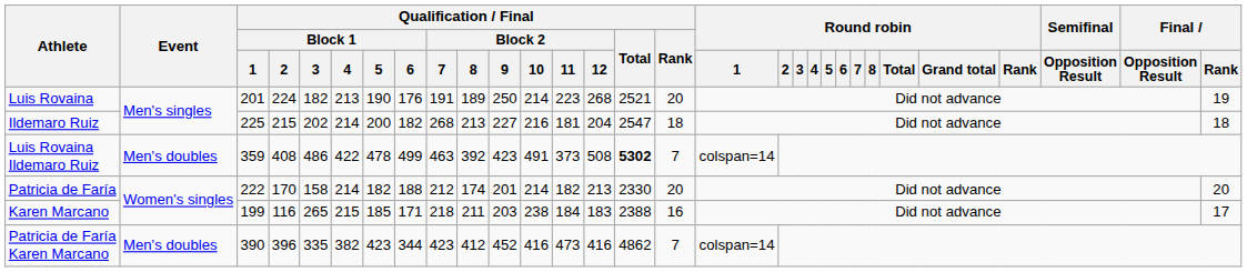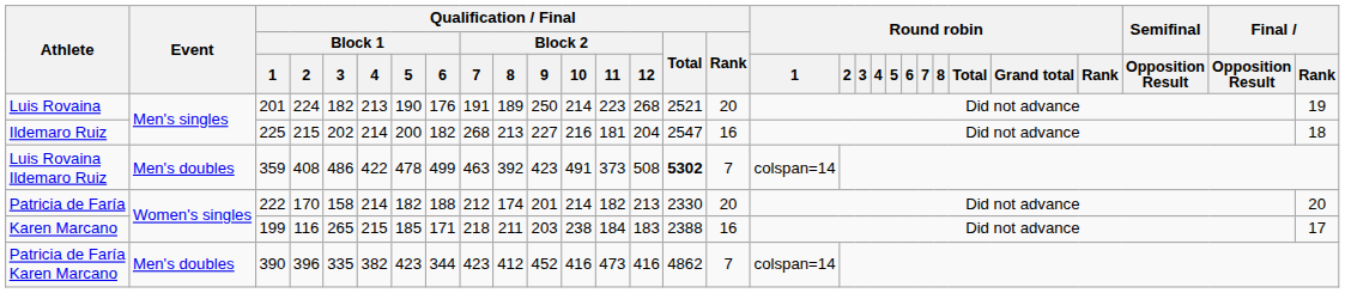 <table class=wikitable style=font-size:75%;text-align:center>
 <tr>
 <th rowspan=3>Athlete</th>
 <th rowspan=3>Event</th>
 <th colspan=14>Qualification / Final</th>
 <th colspan=11 rowspan=2>Round robin</th>
 <th rowspan=2>Semifinal</th>
 <th rowspan=2 colspan=2>Final / </th>
 </tr>
 <tr style=font-size:95%>
 <th colspan=6>Block 1</th>
 <th colspan=6>Block 2</th>
 <th rowspan=2>Total</th>
 <th rowspan=2>Rank</th>
 </tr>
 <tr style=font-size:95%>
 <th>1</th>
 <th>2</th>
 <th>3</th>
 <th>4</th>
 <th>5</th>
 <th>6</th>
 <th>7</th>
 <th>8</th>
 <th>9</th>
 <th>10</th>
 <th>11</th>
 <th>12</th>
 <th>1</th>
 <th>2</th>
 <th>3</th>
 <th>4</th>
 <th>5</th>
 <th>6</th>
 <th>7</th>
 <th>8</th>
 <th>Total</th>
 <th>Grand total</th>
 <th>Rank</th>
 <th>Opposition<br>Result</th>
 <th>Opposition<br>Result</th>
 <th>Rank</th>
 </tr>
 <tr>
 <td align=left><a href='#'>Luis Rovaina</a></td>
 <td align=left rowspan=2><a href='#'>Men's singles</a></td>
 <td>201</td>
 <td>224</td>
 <td>182</td>
 <td>213</td>
 <td>190</td>
 <td>176</td>
 <td>191</td>
 <td>189</td>
 <td>250</td>
 <td>214</td>
 <td>223</td>
 <td>268</td>
 <td>2521</td>
 <td>20</td>
 <td colspan=13>Did not advance</td>
 <td>19</td>
 </tr>
 <tr>
 <td align=left><a href='#'>Ildemaro Ruiz</a></td>
 <td>225</td>
 <td>215</td>
 <td>202</td>
 <td>214</td>
 <td>200</td>
 <td>182</td>
 <td>268</td>
 <td>213</td>
 <td>227</td>
 <td>216</td>
 <td>181</td>
 <td>204</td>
 <td>2547</td>
-<td>18</td>
+<td>16</td>
 <td colspan=13>Did not advance</td>
 <td>18</td>
 </tr>
 <tr>
 <td align=left><a href='#'>Luis Rovaina</a><br><a href='#'>Ildemaro Ruiz</a></td>
 <td align=left><a href='#'>Men's doubles</a></td>
 <td>359</td>
 <td>408</td>
 <td>486</td>
 <td>422</td>
 <td>478</td>
 <td>499</td>
 <td>463</td>
 <td>392</td>
 <td>423</td>
 <td>491</td>
 <td>373</td>
 <td>508</td>
 <td><strong>5302</strong></td>
 <td>7</td>
 <td>colspan=14 </td>
 </tr>
 <tr>
 <td align=left><a href='#'>Patricia de Faría</a></td>
 <td align=left rowspan=2><a href='#'>Women's singles</a></td>
 <td>222</td>
 <td>170</td>
 <td>158</td>
 <td>214</td>
 <td>182</td>
 <td>188</td>
 <td>212</td>
 <td>174</td>
 <td>201</td>
 <td>214</td>
 <td>182</td>
 <td>213</td>
 <td>2330</td>
 <td>20</td>
 <td colspan=13>Did not advance</td>
 <td>20</td>
 </tr>
 <tr>
 <td align=left><a href='#'>Karen Marcano</a></td>
 <td>199</td>
 <td>116</td>
 <td>265</td>
 <td>215</td>
 <td>185</td>
 <td>171</td>
 <td>218</td>
 <td>211</td>
 <td>203</td>
 <td>238</td>
 <td>184</td>
 <td>183</td>
 <td>2388</td>
 <td>16</td>
 <td colspan=13>Did not advance</td>
 <td>17</td>
 </tr>
 <tr>
 <td align=left><a href='#'>Patricia de Faría</a><br><a href='#'>Karen Marcano</a></td>
 <td align=left><a href='#'>Men's doubles</a></td>
 <td>390</td>
 <td>396</td>
 <td>335</td>
 <td>382</td>
 <td>423</td>
 <td>344</td>
 <td>423</td>
 <td>412</td>
 <td>452</td>
 <td>416</td>
 <td>473</td>
 <td>416</td>
 <td>4862</td>
 <td>7</td>
 <td>colspan=14 </td>
 </tr>
 </table>
